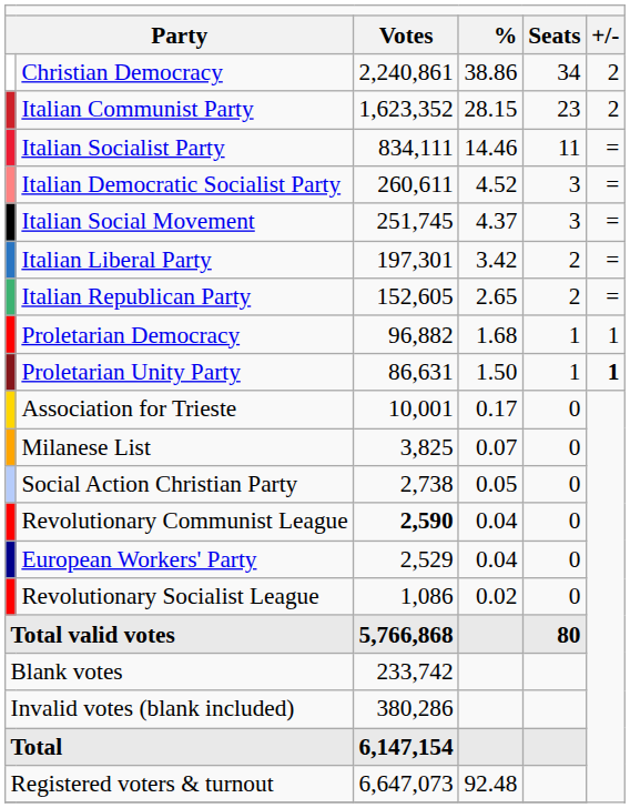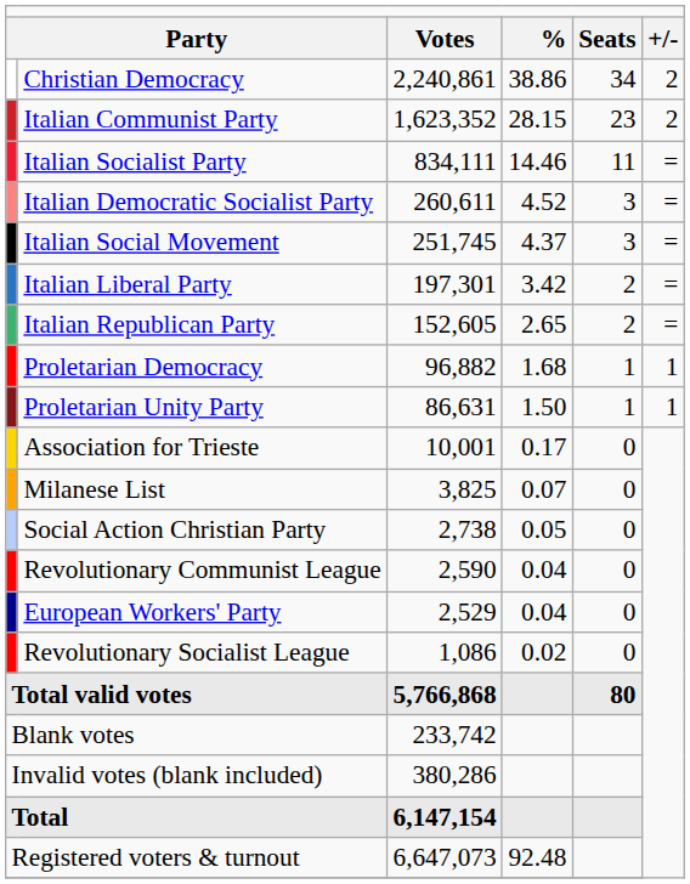 <table class="wikitable" style=text-align:right>
 <tr>
 <td colspan="6"></td>
 </tr>
 <tr>
 <th colspan="2" style="text-align:center;">Party</th>
 <th style="text-align:center;">Votes</th>
 <th style="text-align:right;">%</th>
 <th style="text-align:right;">Seats</th>
 <th style="text-align:right;">+/-</th>
 </tr>
 <tr>
 <td style="background:#FFFFFF;"></td>
 <td style="text-align:left;"><a href='#'>Christian Democracy</a></td>
 <td>2,240,861</td>
 <td>38.86</td>
 <td>34</td>
 <td>2</td>
 </tr>
 <tr>
 <td style="background:#CE2029;"></td>
 <td style="text-align:left;"><a href='#'>Italian Communist Party</a></td>
 <td>1,623,352</td>
 <td>28.15</td>
 <td>23</td>
 <td>2</td>
 </tr>
 <tr>
 <td style="background:#ED1B34;"></td>
 <td style="text-align:left;"><a href='#'>Italian Socialist Party</a></td>
 <td>834,111</td>
 <td>14.46</td>
 <td>11</td>
 <td>=</td>
 </tr>
 <tr>
 <td style="background:#FF8282;"></td>
 <td style="text-align:left;"><a href='#'>Italian Democratic Socialist Party</a></td>
 <td>260,611</td>
 <td>4.52</td>
 <td>3</td>
 <td>=</td>
 </tr>
 <tr>
 <td style="background:#000000;"></td>
 <td style="text-align:left;"><a href='#'>Italian Social Movement</a></td>
 <td>251,745</td>
 <td>4.37</td>
 <td>3</td>
 <td>=</td>
 </tr>
 <tr>
 <td style="background:#2975C2;"></td>
 <td style="text-align:left;"><a href='#'>Italian Liberal Party</a></td>
 <td>197,301</td>
 <td>3.42</td>
 <td>2</td>
 <td>=</td>
 </tr>
 <tr>
 <td style="background:#3CB371;"></td>
 <td style="text-align:left;"><a href='#'>Italian Republican Party</a></td>
 <td>152,605</td>
 <td>2.65</td>
 <td>2</td>
 <td>=</td>
 </tr>
 <tr>
 <td style="background:#FF0000;"></td>
 <td style="text-align:left;"><a href='#'>Proletarian Democracy</a></td>
 <td>96,882</td>
 <td>1.68</td>
 <td>1</td>
 <td>1</td>
 </tr>
 <tr>
 <td style="background:#85151A;"></td>
 <td style="text-align:left;"><a href='#'>Proletarian Unity Party</a></td>
 <td>86,631</td>
 <td>1.50</td>
 <td>1</td>
-<td><strong>1</strong></td>
+<td>1</td>
 </tr>
 <tr>
 <td style="background:gold;"></td>
 <td style="text-align:left;">Association for Trieste</td>
 <td>10,001</td>
 <td>0.17</td>
 <td>0</td>
 </tr>
 <tr>
 <td style="background:orange;"></td>
 <td style="text-align:left;">Milanese List</td>
 <td>3,825</td>
 <td>0.07</td>
 <td>0</td>
 </tr>
 <tr>
 <td style="background:#B6CCFB;"></td>
 <td style="text-align:left;">Social Action Christian Party</td>
 <td>2,738</td>
 <td>0.05</td>
 <td>0</td>
 </tr>
 <tr>
 <td style="background:red;"></td>
 <td style="text-align:left;">Revolutionary Communist League</td>
-<td><strong>2,590</strong></td>
+<td>2,590</td>
 <td>0.04</td>
 <td>0</td>
 </tr>
 <tr>
 <td style="background:darkblue;"></td>
 <td style="text-align:left;"><a href='#'>European Workers' Party</a></td>
 <td>2,529</td>
 <td>0.04</td>
 <td>0</td>
 </tr>
 <tr>
 <td style="background:red;"></td>
 <td style="text-align:left;">Revolutionary Socialist League</td>
 <td>1,086</td>
 <td>0.02</td>
 <td>0</td>
 </tr>
 <tr style="background-color:#E9E9E9">
 <td colspan="2" style="text-align:left;"><strong>Total valid votes</strong></td>
 <td><strong>5,766,868</strong></td>
 <td></td>
 <td><strong>80</strong></td>
 </tr>
 <tr>
 <td colspan="2" style="text-align:left;">Blank votes</td>
 <td>233,742</td>
 <td></td>
 <td></td>
 </tr>
 <tr>
 <td colspan="2" style="text-align:left;">Invalid votes (blank included)</td>
 <td>380,286</td>
 <td></td>
 <td></td>
 </tr>
 <tr style="background-color:#E9E9E9">
 <td colspan="2" style="text-align:left;"><strong>Total</strong></td>
 <td><strong>6,147,154</strong></td>
 <td></td>
 <td></td>
 </tr>
 <tr>
 <td colspan="2" style="text-align:left;">Registered voters & turnout</td>
 <td>6,647,073</td>
 <td>92.48</td>
 <td></td>
 </tr>
 <tr>
 </tr>
 </table>
